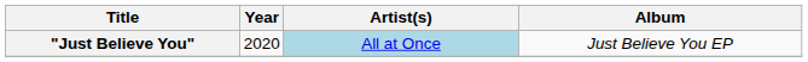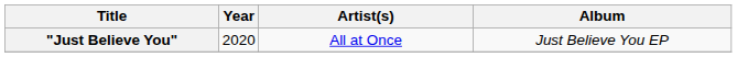 <table class="wikitable plainrowheaders" style="text-align:center;">
 <tr>
 <th scope="col" style="width:14em;">Title</th>
 <th scope="col" style="width:1em;">Year</th>
 <th scope="col" style="width:14em;">Artist(s)</th>
 <th scope="col" style="width:17em;">Album</th>
 </tr>
 <tr>
 <th scope="row">"Just Believe You"</th>
 <td>2020</td>
-<td style="background: lightblue;"><a href='#'>All at Once</a></td>
+<td><a href='#'>All at Once</a></td>
 <td><em>Just Believe You EP</em></td>
 </tr>
 <tr>
 </tr>
 </table>
